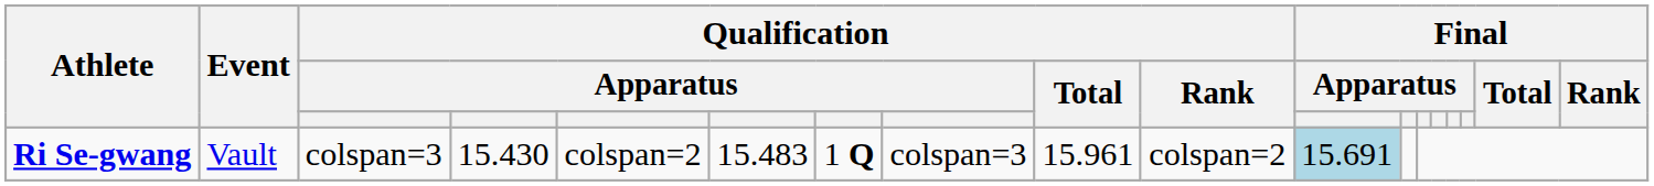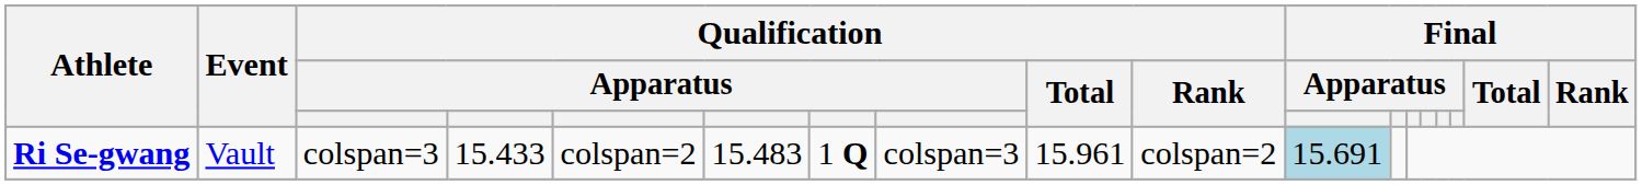 <table class="wikitable" style="font-size:90%">
 <tr>
 <th rowspan=3>Athlete</th>
 <th rowspan=3>Event</th>
 <th colspan =8>Qualification</th>
 <th colspan =8>Final</th>
 </tr>
 <tr style="font-size:95%">
 <th colspan=6>Apparatus</th>
 <th rowspan=2>Total</th>
 <th rowspan=2>Rank</th>
 <th colspan=6>Apparatus</th>
 <th rowspan=2>Total</th>
 <th rowspan=2>Rank</th>
 </tr>
 <tr style="font-size:95%">
 <th></th>
 <th></th>
 <th></th>
 <th></th>
 <th></th>
 <th></th>
 <th></th>
 <th></th>
 <th></th>
 <th></th>
 <th></th>
 <th></th>
 </tr>
 <tr align=center>
 <td align=left><strong><a href='#'>Ri Se-gwang</a></strong></td>
 <td align=left><a href='#'>Vault</a></td>
 <td>colspan=3 </td>
-<td>15.430</td>
+<td>15.433</td>
 <td>colspan=2 </td>
 <td>15.483</td>
 <td>1 <strong>Q</strong></td>
 <td>colspan=3 </td>
 <td>15.961</td>
 <td>colspan=2 </td>
 <td style="background: lightblue;">15.691</td>
 <td></td>
 </tr>
 </table>
